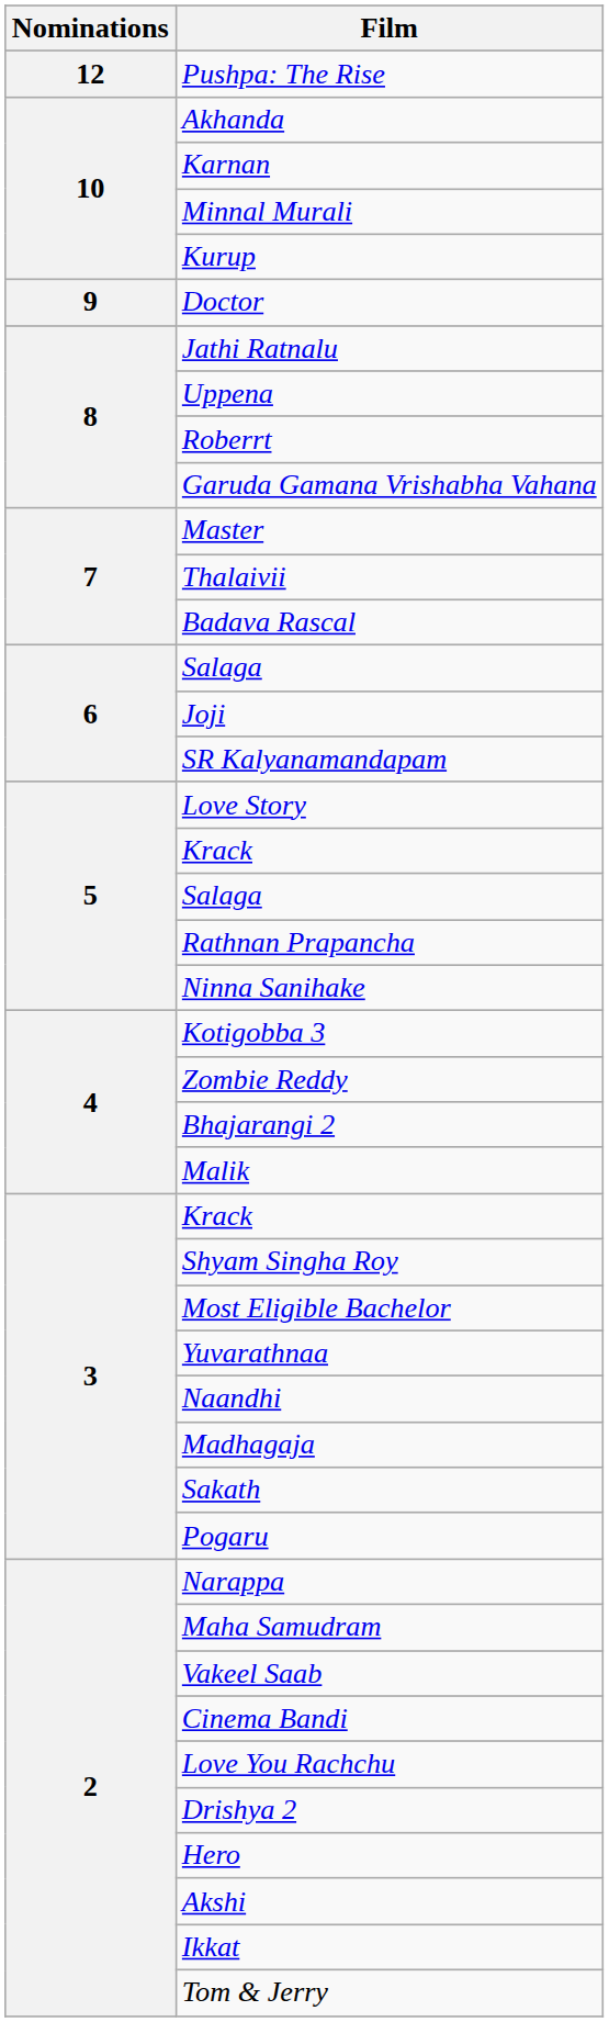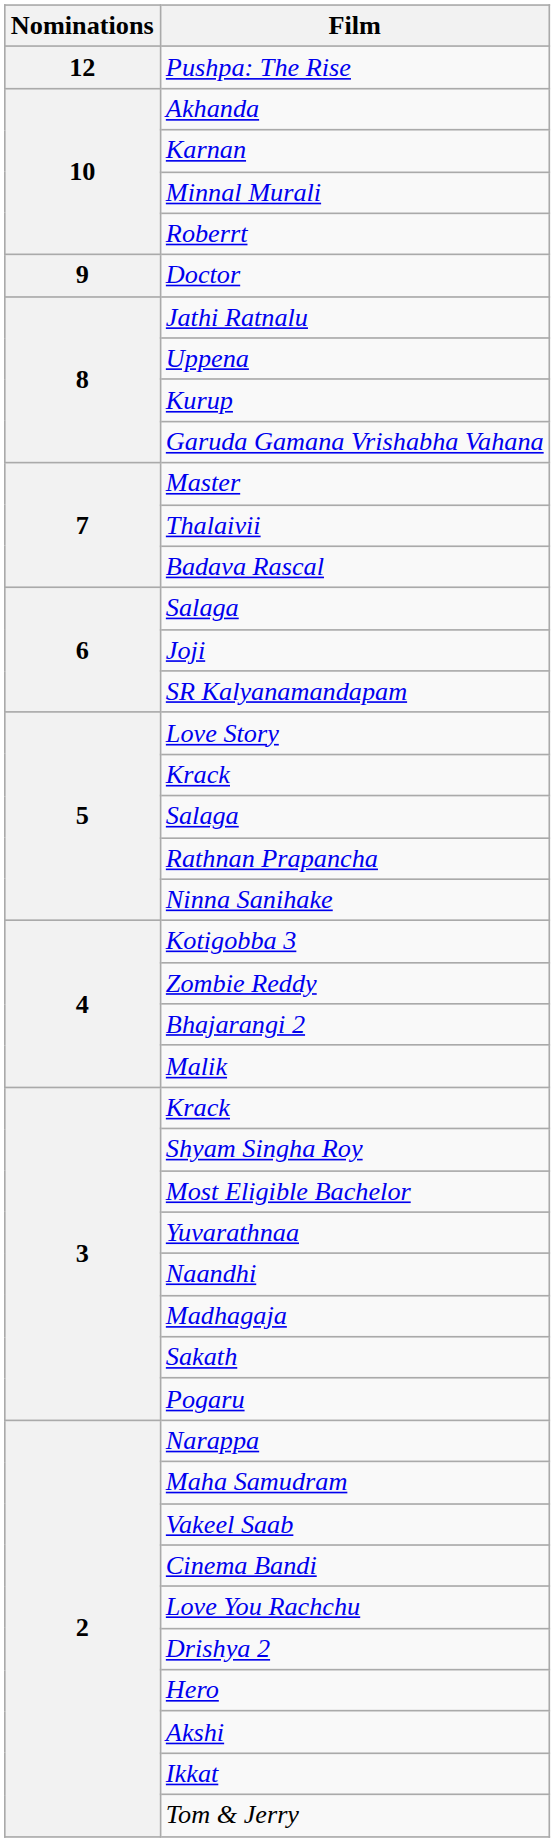 <table class="wikitable" style="display:inline-table;">
 <tr>
 <th>Nominations</th>
 <th>Film</th>
 </tr>
 <tr>
 <th>12</th>
 <td><em><a href='#'>Pushpa: The Rise</a></em></td>
 </tr>
 <tr>
 <th rowspan="4">10</th>
 <td><em><a href='#'>Akhanda</a></em></td>
 </tr>
 <tr>
 <td><a href='#'><em>Karnan</em></a></td>
 </tr>
 <tr>
 <td><em><a href='#'>Minnal Murali</a></em></td>
 </tr>
 <tr>
-<td><a href='#'><em>Kurup</em></a></td>
+<td><em><a href='#'>Roberrt</a></em></td>
 </tr>
 <tr>
 <th>9</th>
 <td><a href='#'><em>Doctor</em></a></td>
 </tr>
 <tr>
 <th rowspan="4">8</th>
 <td><em><a href='#'>Jathi Ratnalu</a></em></td>
 </tr>
 <tr>
 <td><em><a href='#'>Uppena</a></em></td>
 </tr>
 <tr>
-<td><em><a href='#'>Roberrt</a></em></td>
+<td><a href='#'><em>Kurup</em></a></td>
 </tr>
 <tr>
 <td><em><a href='#'>Garuda Gamana Vrishabha Vahana</a></em></td>
 </tr>
 <tr>
 <th rowspan="3">7</th>
 <td><a href='#'><em>Master</em></a></td>
 </tr>
 <tr>
 <td><em><a href='#'>Thalaivii</a></em></td>
 </tr>
 <tr>
 <td><em><a href='#'>Badava Rascal</a></em></td>
 </tr>
 <tr>
 <th rowspan="3">6</th>
 <td><em><a href='#'>Salaga</a></em></td>
 </tr>
 <tr>
 <td><a href='#'><em>Joji</em></a></td>
 </tr>
 <tr>
 <td><em><a href='#'>SR Kalyanamandapam</a></em></td>
 </tr>
 <tr>
 <th rowspan="5">5</th>
 <td><a href='#'><em>Love Story</em></a></td>
 </tr>
 <tr>
 <td><a href='#'><em>Krack</em></a></td>
 </tr>
 <tr>
 <td><em><a href='#'>Salaga</a></em></td>
 </tr>
 <tr>
 <td><em><a href='#'>Rathnan Prapancha</a></em></td>
 </tr>
 <tr>
 <td><em><a href='#'>Ninna Sanihake</a></em></td>
 </tr>
 <tr>
 <th rowspan="4">4</th>
 <td><em><a href='#'>Kotigobba 3</a></em></td>
 </tr>
 <tr>
 <td><em><a href='#'>Zombie Reddy</a></em></td>
 </tr>
 <tr>
 <td><em><a href='#'>Bhajarangi 2</a></em></td>
 </tr>
 <tr>
 <td><a href='#'><em>Malik</em></a></td>
 </tr>
 <tr>
 <th rowspan="8">3</th>
 <td><a href='#'><em>Krack</em></a></td>
 </tr>
 <tr>
 <td><em><a href='#'>Shyam Singha Roy</a></em></td>
 </tr>
 <tr>
 <td><em><a href='#'>Most Eligible Bachelor</a></em></td>
 </tr>
 <tr>
 <td><em><a href='#'>Yuvarathnaa</a></em></td>
 </tr>
 <tr>
 <td><em><a href='#'>Naandhi</a></em></td>
 </tr>
 <tr>
 <td><em><a href='#'>Madhagaja</a></em></td>
 </tr>
 <tr>
 <td><em><a href='#'>Sakath</a></em></td>
 </tr>
 <tr>
 <td><em><a href='#'>Pogaru</a></em></td>
 </tr>
 <tr>
 <th rowspan="10">2</th>
 <td><em><a href='#'>Narappa</a></em></td>
 </tr>
 <tr>
 <td><em><a href='#'>Maha Samudram</a></em></td>
 </tr>
 <tr>
 <td><em><a href='#'>Vakeel Saab</a></em></td>
 </tr>
 <tr>
 <td><em><a href='#'>Cinema Bandi</a></em></td>
 </tr>
 <tr>
 <td><em><a href='#'>Love You Rachchu</a></em></td>
 </tr>
 <tr>
 <td><em><a href='#'>Drishya 2</a></em></td>
 </tr>
 <tr>
 <td><a href='#'><em>Hero</em></a></td>
 </tr>
 <tr>
 <td><em><a href='#'>Akshi</a></em></td>
 </tr>
 <tr>
 <td><a href='#'><em>Ikkat</em></a></td>
 </tr>
 <tr>
 <td><em>Tom & Jerry</em></td>
 </tr>
 </table>
